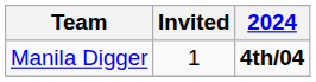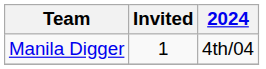 <table class="wikitable" style="text-align: center">
 <tr>
 <th>Team</th>
 <th>Invited</th>
 <th><a href='#'>2024</a></th>
 </tr>
 <tr>
 <td><a href='#'>Manila Digger</a></td>
 <td>1</td>
-<td><strong>4th/04</strong></td>
+<td>4th/04</td>
 </tr>
 <tr>
 </tr>
 </table>
